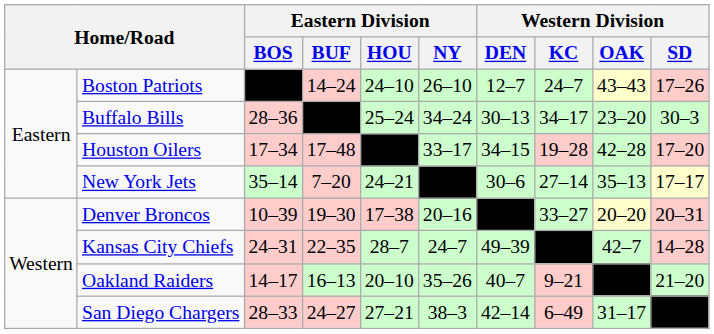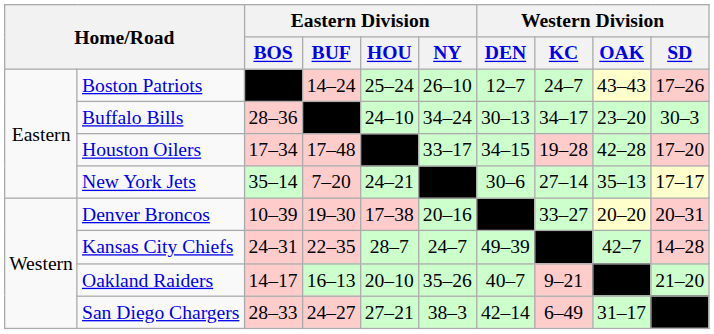 <table class="wikitable" style="font-size:95%; text-align:center">
 <tr>
 <th colspan="2" rowspan=2>Home/Road</th>
 <th colspan="4">Eastern Division</th>
 <th colspan="4">Western Division</th>
 </tr>
 <tr>
 <th><a href='#'>BOS</a></th>
 <th><a href='#'>BUF</a></th>
 <th><a href='#'>HOU</a></th>
 <th><a href='#'>NY</a></th>
 <th><a href='#'>DEN</a></th>
 <th><a href='#'>KC</a></th>
 <th><a href='#'>OAK</a></th>
 <th><a href='#'>SD</a></th>
 </tr>
 <tr>
 <td rowspan="4">Eastern</td>
 <td align="left"><a href='#'>Boston Patriots</a></td>
 <td style="background:#000"></td>
 <td style="background:#fcc">14–24</td>
-<td style="background:#cfc">24–10</td>
+<td style="background:#cfc">25–24</td>
 <td style="background:#cfc">26–10</td>
 <td style="background:#cfc">12–7</td>
 <td style="background:#cfc">24–7</td>
 <td style="background:#ffc">43–43</td>
 <td style="background:#fcc">17–26</td>
 </tr>
 <tr>
 <td align="left"><a href='#'>Buffalo Bills</a></td>
 <td style="background:#fcc">28–36</td>
 <td style="background:#000"></td>
-<td style="background:#cfc">25–24</td>
+<td style="background:#cfc">24–10</td>
 <td style="background:#cfc">34–24</td>
 <td style="background:#cfc">30–13</td>
 <td style="background:#cfc">34–17</td>
 <td style="background:#cfc">23–20</td>
 <td style="background:#cfc">30–3</td>
 </tr>
 <tr>
 <td align="left"><a href='#'>Houston Oilers</a></td>
 <td style="background:#fcc">17–34</td>
 <td style="background:#fcc">17–48</td>
 <td style="background:#000"></td>
 <td style="background:#cfc">33–17</td>
 <td style="background:#cfc">34–15</td>
 <td style="background:#fcc">19–28</td>
 <td style="background:#cfc">42–28</td>
 <td style="background:#fcc">17–20</td>
 </tr>
 <tr>
 <td align="left"><a href='#'>New York Jets</a></td>
 <td style="background:#cfc">35–14</td>
 <td style="background:#fcc">7–20</td>
 <td style="background:#cfc">24–21</td>
 <td style="background:#000"></td>
 <td style="background:#cfc">30–6</td>
 <td style="background:#cfc">27–14</td>
 <td style="background:#cfc">35–13</td>
 <td style="background:#ffc">17–17</td>
 </tr>
 <tr>
 <td rowspan="4">Western</td>
 <td align="left"><a href='#'>Denver Broncos</a></td>
 <td style="background:#fcc">10–39</td>
 <td style="background:#fcc">19–30</td>
 <td style="background:#fcc">17–38</td>
 <td style="background:#cfc">20–16</td>
 <td style="background:#000"></td>
 <td style="background:#cfc">33–27</td>
 <td style="background:#ffc">20–20</td>
 <td style="background:#fcc">20–31</td>
 </tr>
 <tr>
 <td align="left"><a href='#'>Kansas City Chiefs</a></td>
 <td style="background:#fcc">24–31</td>
 <td style="background:#fcc">22–35</td>
 <td style="background:#cfc">28–7</td>
 <td style="background:#cfc">24–7</td>
 <td style="background:#cfc">49–39</td>
 <td style="background:#000"></td>
 <td style="background:#cfc">42–7</td>
 <td style="background:#fcc">14–28</td>
 </tr>
 <tr>
 <td align="left"><a href='#'>Oakland Raiders</a></td>
 <td style="background:#fcc">14–17</td>
 <td style="background:#cfc">16–13</td>
 <td style="background:#cfc">20–10</td>
 <td style="background:#cfc">35–26</td>
 <td style="background:#cfc">40–7</td>
 <td style="background:#fcc">9–21</td>
 <td style="background:#000"></td>
 <td style="background:#cfc">21–20</td>
 </tr>
 <tr>
 <td align="left"><a href='#'>San Diego Chargers</a></td>
 <td style="background:#fcc">28–33</td>
 <td style="background:#fcc">24–27</td>
 <td style="background:#cfc">27–21</td>
 <td style="background:#cfc">38–3</td>
 <td style="background:#cfc">42–14</td>
 <td style="background:#fcc">6–49</td>
 <td style="background:#cfc">31–17</td>
 <td style="background:#000"></td>
 </tr>
 </table>
